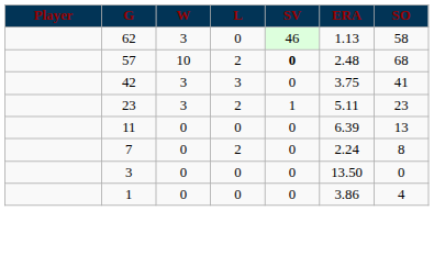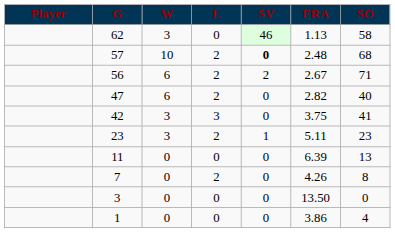 <table class="wikitable sortable">
 <tr>
 <th style="background:#023456; color:#900; width:16%;">Player</th>
 <th style="background:#023456; color:#900; width:9%;">G</th>
 <th style="background:#023456; color:#900; width:9%;">W</th>
 <th style="background:#023456; color:#900; width:9%;">L</th>
 <th style="background:#023456; color:#900; width:9%;">SV</th>
 <th style="background:#023456; color:#900; width:9%;">ERA</th>
 <th style="background:#023456; color:#900; width:9%;">SO</th>
 </tr>
 <tr style="text-align:center;">
 <td></td>
 <td>62</td>
 <td>3</td>
 <td>0</td>
 <td style="background:#DDFFDD;">46</td>
 <td>1.13</td>
 <td>58</td>
 </tr>
 <tr style="text-align:center;">
 <td></td>
 <td>57</td>
 <td>10</td>
 <td>2</td>
 <td><strong>0</strong></td>
 <td>2.48</td>
 <td>68</td>
+</tr>
+<tr style="text-align:center;">
+<td></td>
+<td>56</td>
+<td>6</td>
+<td>2</td>
+<td>2</td>
+<td>2.67</td>
+<td>71</td>
+</tr>
+<tr style="text-align:center;">
+<td></td>
+<td>47</td>
+<td>6</td>
+<td>2</td>
+<td>0</td>
+<td>2.82</td>
+<td>40</td>
 </tr>
 <tr style="text-align:center;">
 <td></td>
 <td>42</td>
 <td>3</td>
 <td>3</td>
 <td>0</td>
 <td>3.75</td>
 <td>41</td>
 </tr>
 <tr style="text-align:center;">
 <td></td>
 <td>23</td>
 <td>3</td>
 <td>2</td>
 <td>1</td>
 <td>5.11</td>
 <td>23</td>
 </tr>
 <tr style="text-align:center;">
 <td></td>
 <td>11</td>
 <td>0</td>
 <td>0</td>
 <td>0</td>
 <td>6.39</td>
 <td>13</td>
 </tr>
 <tr style="text-align:center;">
 <td></td>
 <td>7</td>
 <td>0</td>
 <td>2</td>
 <td>0</td>
-<td>2.24</td>
+<td>4.26</td>
 <td>8</td>
 </tr>
 <tr style="text-align:center;">
 <td></td>
 <td>3</td>
 <td>0</td>
 <td>0</td>
 <td>0</td>
 <td>13.50</td>
 <td>0</td>
 </tr>
 <tr style="text-align:center;">
 <td></td>
 <td>1</td>
 <td>0</td>
 <td>0</td>
 <td>0</td>
 <td>3.86</td>
 <td>4</td>
 </tr>
 </table>
